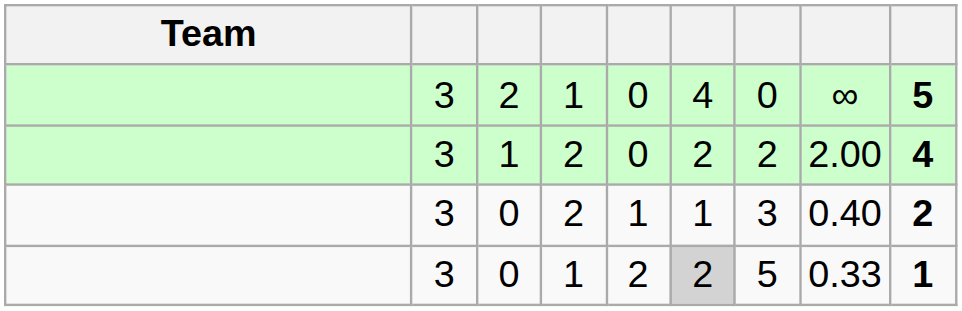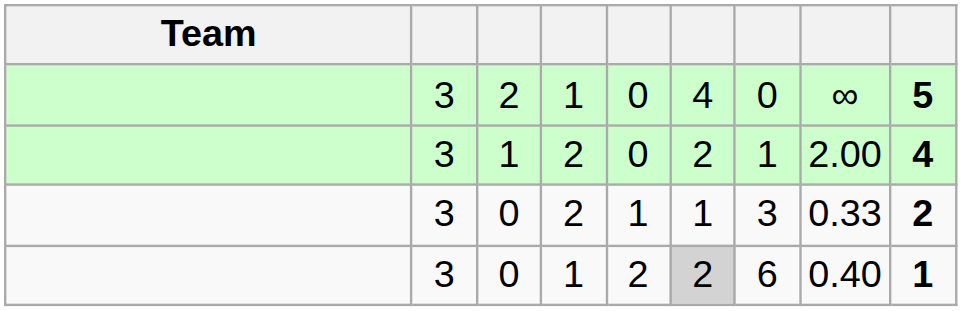 <table class="wikitable" style="text-align:center;">
 <tr>
 <th width=165>Team</th>
 <th width=20></th>
 <th width=20></th>
 <th width=20></th>
 <th width=20></th>
 <th width=20></th>
 <th width=20></th>
 <th width=20></th>
 <th width=20></th>
 </tr>
 <tr style="background:#cfc;">
 <td align="left"></td>
 <td>3</td>
 <td>2</td>
 <td>1</td>
 <td>0</td>
 <td>4</td>
 <td>0</td>
 <td>∞</td>
 <td><strong>5</strong></td>
 </tr>
 <tr style="background:#cfc;">
 <td align="left"></td>
 <td>3</td>
 <td>1</td>
 <td>2</td>
 <td>0</td>
 <td>2</td>
-<td>2</td>
+<td>1</td>
 <td>2.00</td>
 <td><strong>4</strong></td>
 </tr>
 <tr>
 <td align="left"></td>
 <td>3</td>
 <td>0</td>
 <td>2</td>
 <td>1</td>
 <td>1</td>
 <td>3</td>
-<td>0.40</td>
+<td>0.33</td>
 <td><strong>2</strong></td>
 </tr>
 <tr>
 <td align="left"></td>
 <td>3</td>
 <td>0</td>
 <td>1</td>
 <td>2</td>
 <td style="background: lightgrey;">2</td>
-<td>5</td>
-<td>0.33</td>
+<td>6</td>
+<td>0.40</td>
 <td><strong>1</strong></td>
 </tr>
 </table>
